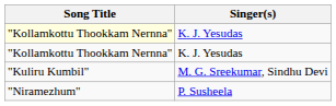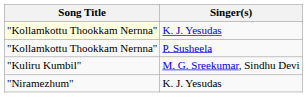 <table class="wikitable">
 <tr>
 <th>Song Title</th>
 <th>Singer(s)</th>
 </tr>
 <tr>
 <td style="background: lightyellow;">"Kollamkottu Thookkam Nernna"</td>
 <td><a href='#'>K. J. Yesudas</a></td>
 </tr>
 <tr>
 <td>"Kollamkottu Thookkam Nernna"</td>
-<td>K. J. Yesudas</td>
+<td><a href='#'>P. Susheela</a></td>
 </tr>
 <tr>
 <td>"Kuliru Kumbil"</td>
 <td><a href='#'>M. G. Sreekumar</a>, Sindhu Devi</td>
 </tr>
 <tr>
 <td>"Niramezhum"</td>
-<td><a href='#'>P. Susheela</a></td>
+<td>K. J. Yesudas</td>
 </tr>
 </table>
